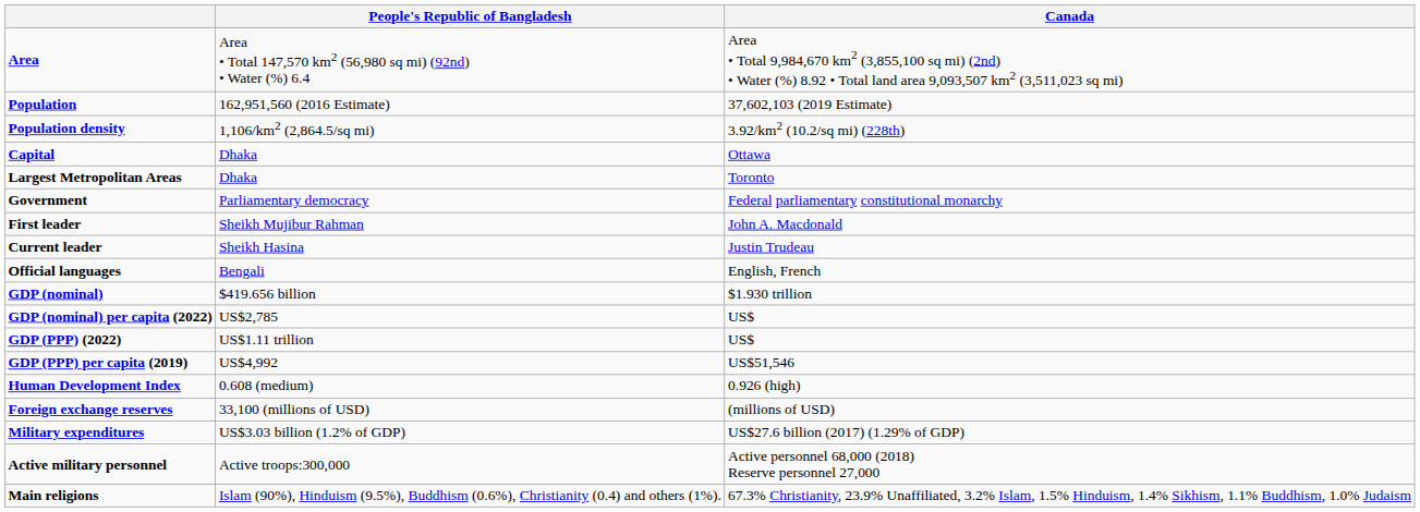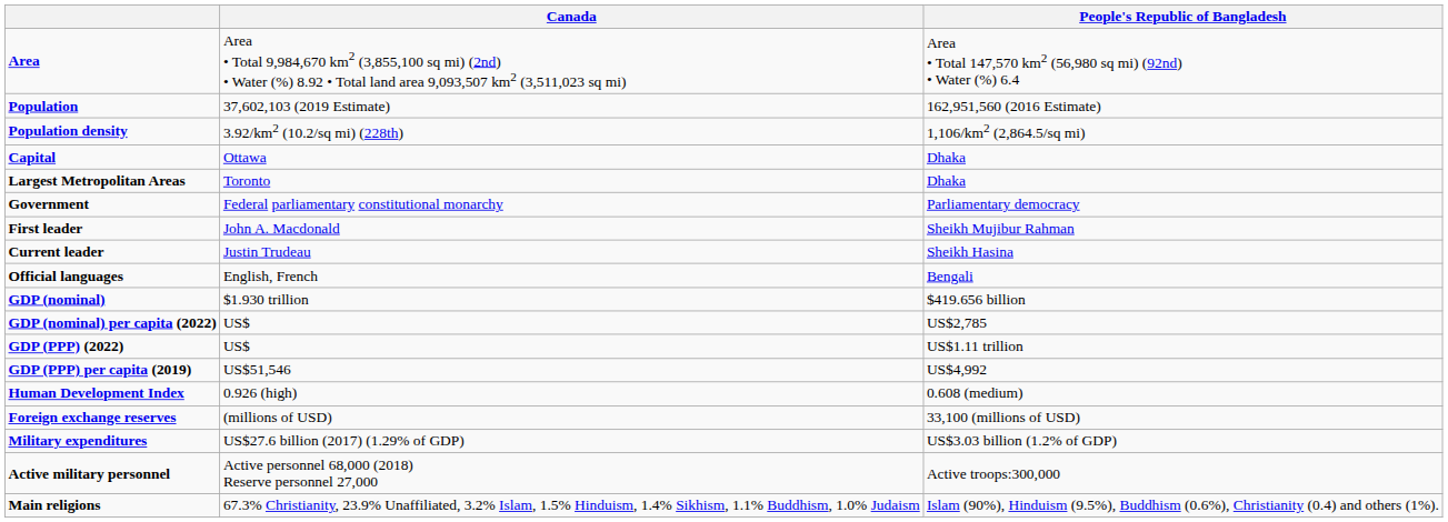 <table class="wikitable">
 <tr>
 <th></th>
+<th> <strong><a href='#'>Canada</a></strong></th>
 <th> <strong><a href='#'>People's Republic of Bangladesh</a></strong></th>
-<th> <strong><a href='#'>Canada</a></strong></th>
 </tr>
 <tr>
 <td><strong><a href='#'>Area</a></strong></td>
+<td>Area<br>• Total 9,984,670 km<sup>2</sup> (3,855,100 sq mi) (<a href='#'>2nd</a>)<br>• Water (%) 8.92 • Total land area 9,093,507 km<sup>2</sup> (3,511,023 sq mi)</td>
 <td>Area<br>• Total 147,570 km<sup>2</sup> (56,980 sq mi) (<a href='#'>92nd</a>)<br>• Water (%) 6.4</td>
-<td>Area<br>• Total 9,984,670 km<sup>2</sup> (3,855,100 sq mi) (<a href='#'>2nd</a>)<br>• Water (%) 8.92 • Total land area 9,093,507 km<sup>2</sup> (3,511,023 sq mi)</td>
 </tr>
 <tr>
 <td><strong><a href='#'>Population</a></strong></td>
+<td>37,602,103 (2019 Estimate)</td>
 <td>162,951,560 (2016 Estimate)</td>
-<td>37,602,103 (2019 Estimate)</td>
 </tr>
 <tr>
 <td><strong><a href='#'>Population density</a></strong></td>
+<td>3.92/km<sup>2</sup> (10.2/sq mi) (<a href='#'>228th</a>)</td>
 <td>1,106/km<sup>2</sup> (2,864.5/sq mi)</td>
-<td>3.92/km<sup>2</sup> (10.2/sq mi) (<a href='#'>228th</a>)</td>
 </tr>
 <tr>
 <td><strong><a href='#'>Capital</a></strong></td>
+<td><a href='#'>Ottawa</a></td>
 <td><a href='#'>Dhaka</a></td>
-<td><a href='#'>Ottawa</a></td>
 </tr>
 <tr>
 <td><strong>Largest Metropolitan Areas</strong></td>
+<td><a href='#'>Toronto</a></td>
 <td><a href='#'>Dhaka</a></td>
-<td><a href='#'>Toronto</a></td>
 </tr>
 <tr>
 <td><strong>Government</strong></td>
+<td><a href='#'>Federal</a> <a href='#'>parliamentary</a> <a href='#'>constitutional monarchy</a></td>
 <td><a href='#'>Parliamentary democracy</a></td>
-<td><a href='#'>Federal</a> <a href='#'>parliamentary</a> <a href='#'>constitutional monarchy</a></td>
 </tr>
 <tr>
 <td><strong>First leader</strong></td>
+<td><a href='#'>John A. Macdonald</a></td>
 <td><a href='#'>Sheikh Mujibur Rahman</a></td>
-<td><a href='#'>John A. Macdonald</a></td>
 </tr>
 <tr>
 <td><strong>Current leader</strong></td>
+<td><a href='#'>Justin Trudeau</a></td>
 <td><a href='#'>Sheikh Hasina</a></td>
-<td><a href='#'>Justin Trudeau</a></td>
 </tr>
 <tr>
 <td><strong>Official languages</strong></td>
+<td>English, French</td>
 <td><a href='#'>Bengali</a></td>
-<td>English, French</td>
 </tr>
 <tr>
 <td><strong><a href='#'>GDP (nominal)</a></strong></td>
+<td>$1.930 trillion</td>
 <td>$419.656 billion</td>
-<td>$1.930 trillion</td>
 </tr>
 <tr>
 <td><strong><a href='#'>GDP (nominal) per capita</a> (2022)</strong></td>
+<td>US$</td>
 <td>US$2,785</td>
-<td>US$</td>
 </tr>
 <tr>
 <td><strong><a href='#'>GDP (PPP)</a> (2022)</strong></td>
+<td>US$</td>
 <td>US$1.11 trillion</td>
-<td>US$</td>
 </tr>
 <tr>
 <td><strong><a href='#'>GDP (PPP) per capita</a> (2019)</strong></td>
+<td>US$51,546</td>
 <td>US$4,992</td>
-<td>US$51,546</td>
 </tr>
 <tr>
 <td><strong><a href='#'>Human Development Index</a></strong></td>
+<td>0.926 (<span>high</span>)</td>
 <td>0.608 (<span>medium</span>)</td>
-<td>0.926 (<span>high</span>)</td>
 </tr>
 <tr>
 <td><strong><a href='#'>Foreign exchange reserves</a></strong></td>
+<td>(millions of USD)</td>
 <td>33,100 (millions of USD)</td>
-<td>(millions of USD)</td>
 </tr>
 <tr>
 <td><strong><a href='#'>Military expenditures</a></strong></td>
+<td>US$27.6 billion (2017) (1.29% of GDP)</td>
 <td>US$3.03 billion (1.2% of GDP)</td>
-<td>US$27.6 billion (2017) (1.29% of GDP)</td>
 </tr>
 <tr>
 <td><strong>Active military personnel</strong></td>
+<td>Active personnel 68,000 (2018)<br>Reserve personnel 27,000</td>
 <td>Active troops:300,000</td>
-<td>Active personnel 68,000 (2018)<br>Reserve personnel 27,000</td>
 </tr>
 <tr>
 <td><strong>Main religions</strong></td>
+<td>67.3% <a href='#'>Christianity</a>, 23.9% Unaffiliated, 3.2% <a href='#'>Islam</a>, 1.5% <a href='#'>Hinduism</a>, 1.4% <a href='#'>Sikhism</a>, 1.1% <a href='#'>Buddhism</a>, 1.0% <a href='#'>Judaism</a></td>
 <td><a href='#'>Islam</a> (90%), <a href='#'>Hinduism</a> (9.5%), <a href='#'>Buddhism</a> (0.6%), <a href='#'>Christianity</a> (0.4) and others (1%).</td>
-<td>67.3% <a href='#'>Christianity</a>, 23.9% Unaffiliated, 3.2% <a href='#'>Islam</a>, 1.5% <a href='#'>Hinduism</a>, 1.4% <a href='#'>Sikhism</a>, 1.1% <a href='#'>Buddhism</a>, 1.0% <a href='#'>Judaism</a></td>
 </tr>
 </table>
